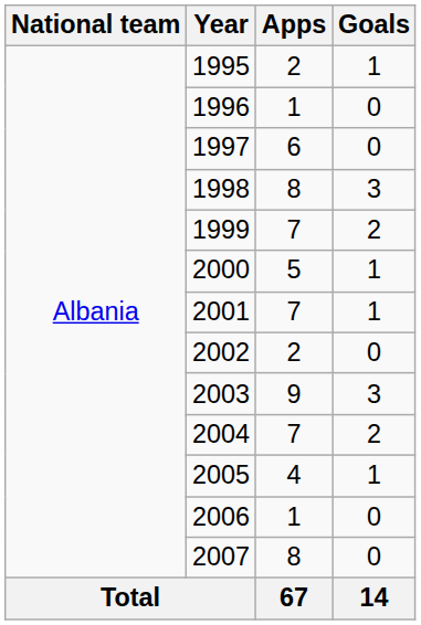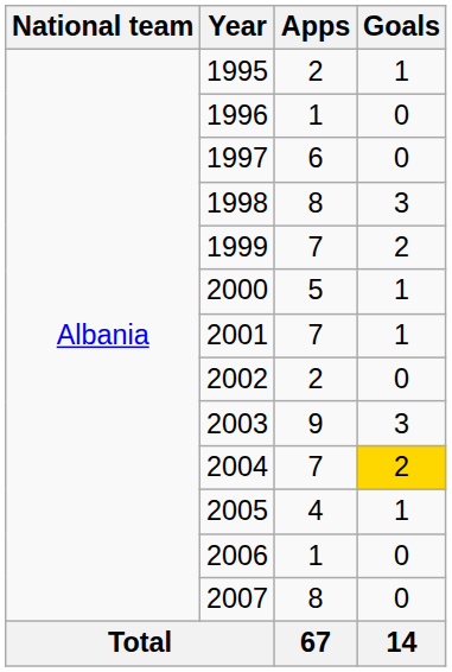 <table class="wikitable" style="text-align:center">
 <tr>
 <th>National team</th>
 <th>Year</th>
 <th>Apps</th>
 <th>Goals</th>
 </tr>
 <tr>
 <td rowspan="13"><a href='#'>Albania</a></td>
 <td>1995</td>
 <td>2</td>
 <td>1</td>
 </tr>
 <tr>
 <td>1996</td>
 <td>1</td>
 <td>0</td>
 </tr>
 <tr>
 <td>1997</td>
 <td>6</td>
 <td>0</td>
 </tr>
 <tr>
 <td>1998</td>
 <td>8</td>
 <td>3</td>
 </tr>
 <tr>
 <td>1999</td>
 <td>7</td>
 <td>2</td>
 </tr>
 <tr>
 <td>2000</td>
 <td>5</td>
 <td>1</td>
 </tr>
 <tr>
 <td>2001</td>
 <td>7</td>
 <td>1</td>
 </tr>
 <tr>
 <td>2002</td>
 <td>2</td>
 <td>0</td>
 </tr>
 <tr>
 <td>2003</td>
 <td>9</td>
 <td>3</td>
 </tr>
 <tr>
 <td>2004</td>
 <td>7</td>
-<td>2</td>
+<td style="background: gold;">2</td>
 </tr>
 <tr>
 <td>2005</td>
 <td>4</td>
 <td>1</td>
 </tr>
 <tr>
 <td>2006</td>
 <td>1</td>
 <td>0</td>
 </tr>
 <tr>
 <td>2007</td>
 <td>8</td>
 <td>0</td>
 </tr>
 <tr>
 <th colspan="2">Total</th>
 <th>67</th>
 <th>14</th>
 </tr>
 </table>
